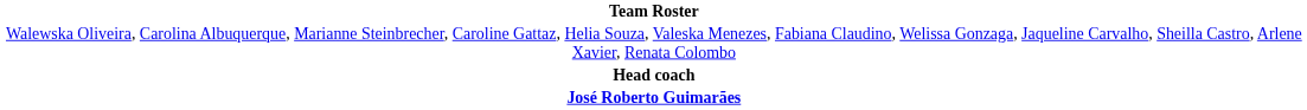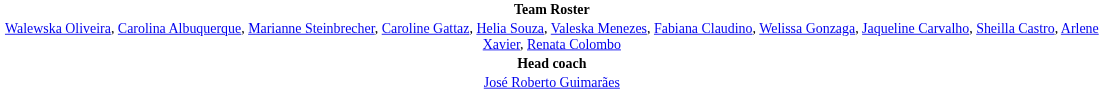 <table style="text-align:center;margin-top:2em;margin-left:auto;margin-right:auto">
 <tr>
 <td><strong>Team Roster</strong></td>
 </tr>
 <tr>
 <td><a href='#'>Walewska Oliveira</a>, <a href='#'>Carolina Albuquerque</a>, <a href='#'>Marianne Steinbrecher</a>, <a href='#'>Caroline Gattaz</a>, <a href='#'>Helia Souza</a>, <a href='#'>Valeska Menezes</a>, <a href='#'>Fabiana Claudino</a>, <a href='#'>Welissa Gonzaga</a>, <a href='#'>Jaqueline Carvalho</a>, <a href='#'>Sheilla Castro</a>, <a href='#'>Arlene Xavier</a>, <a href='#'>Renata Colombo</a></td>
 </tr>
 <tr>
 <td><strong>Head coach</strong></td>
 </tr>
 <tr>
-<td><strong><a href='#'>José Roberto Guimarães</a></strong></td>
+<td><a href='#'>José Roberto Guimarães</a></td>
 </tr>
 </table>
